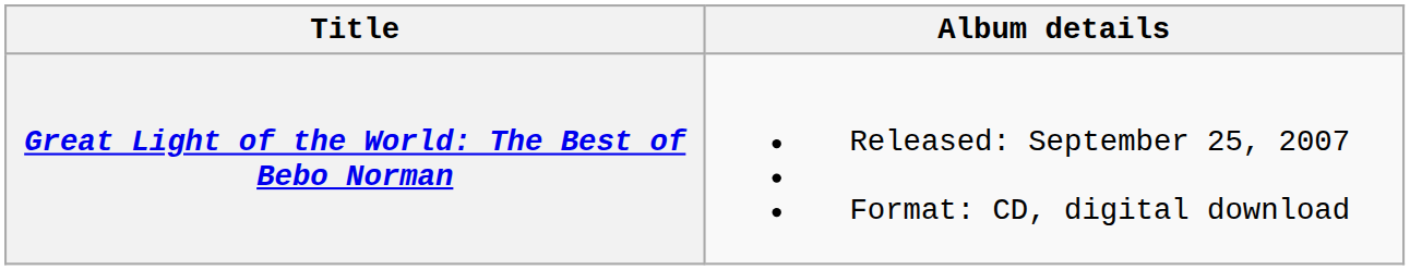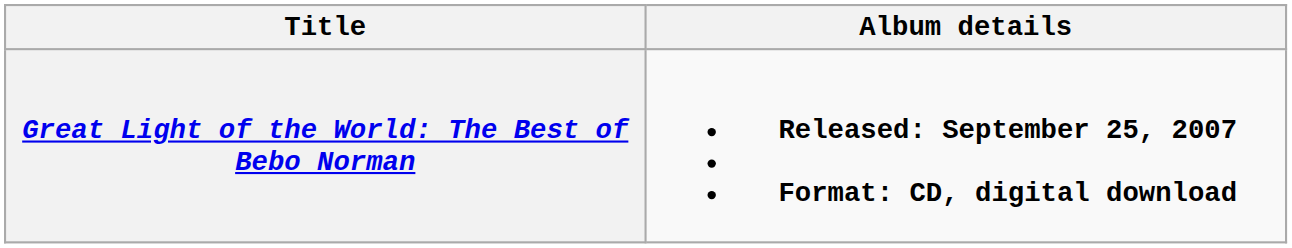 <table class="wikitable plainrowheaders" style="text-align:center;">
 <tr>
 <th scope="col" rowspan="1" style="width:23em;">Title</th>
 <th scope="col" rowspan="1" style="width:23em;">Album details</th>
 </tr>
 <tr>
 <th scope="row"><em><a href='#'>Great Light of the World: The Best of Bebo Norman</a></em></th>
-<td><br><ul><li>Released: September 25, 2007</li><li></li><li>Format: CD, digital download</li></ul></td>
+<td><strong><br><ul><li>Released: September 25, 2007</li><li></li><li>Format: CD, digital download</li></ul></strong></td>
 </tr>
 </table>
